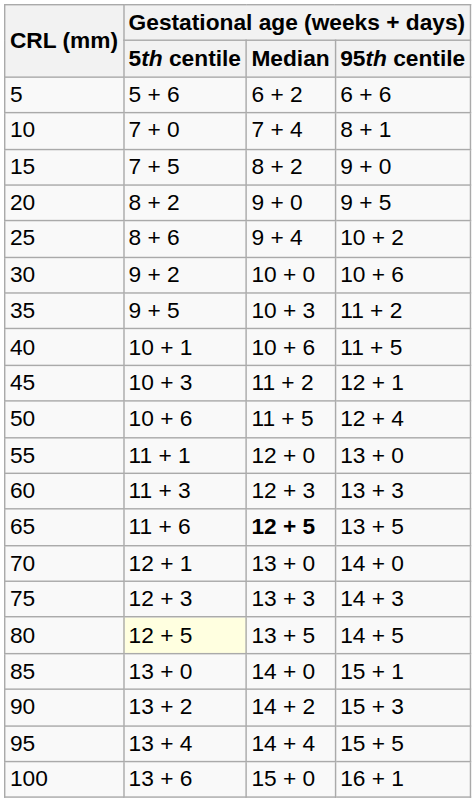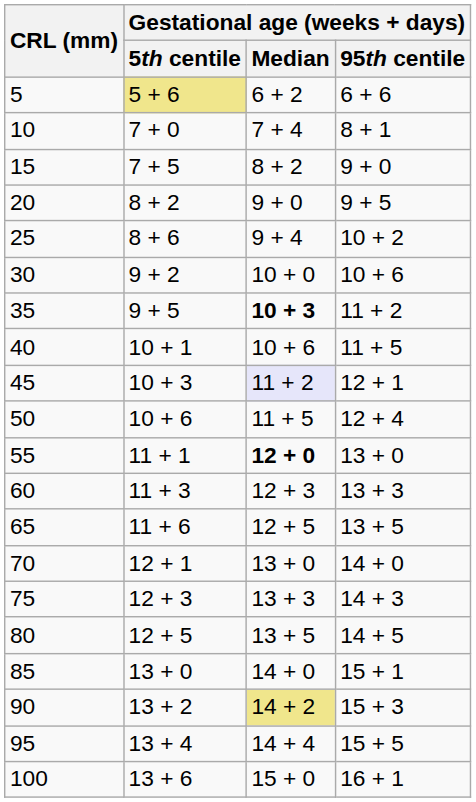 <table class="wikitable">
 <tr>
 <th rowspan="2">CRL (mm)</th>
 <th colspan="3">Gestational age (weeks + days)</th>
 </tr>
 <tr>
 <th>5<em>th</em> centile</th>
 <th>Median</th>
 <th>95<em>th</em> centile</th>
 </tr>
 <tr>
 <td>5</td>
-<td>5 + 6</td>
+<td style="background: khaki;">5 + 6</td>
 <td>6 + 2</td>
 <td>6 + 6</td>
 </tr>
 <tr>
 <td>10</td>
 <td>7 + 0</td>
 <td>7 + 4</td>
 <td>8 + 1</td>
 </tr>
 <tr>
 <td>15</td>
 <td>7 + 5</td>
 <td>8 + 2</td>
 <td>9 + 0</td>
 </tr>
 <tr>
 <td>20</td>
 <td>8 + 2</td>
 <td>9 + 0</td>
 <td>9 + 5</td>
 </tr>
 <tr>
 <td>25</td>
 <td>8 + 6</td>
 <td>9 + 4</td>
 <td>10 + 2</td>
 </tr>
 <tr>
 <td>30</td>
 <td>9 + 2</td>
 <td>10 + 0</td>
 <td>10 + 6</td>
 </tr>
 <tr>
 <td>35</td>
 <td>9 + 5</td>
-<td>10 + 3</td>
+<td><strong>10 + 3</strong></td>
 <td>11 + 2</td>
 </tr>
 <tr>
 <td>40</td>
 <td>10 + 1</td>
 <td>10 + 6</td>
 <td>11 + 5</td>
 </tr>
 <tr>
 <td>45</td>
 <td>10 + 3</td>
-<td>11 + 2</td>
+<td style="background: lavender;">11 + 2</td>
 <td>12 + 1</td>
 </tr>
 <tr>
 <td>50</td>
 <td>10 + 6</td>
 <td>11 + 5</td>
 <td>12 + 4</td>
 </tr>
 <tr>
 <td>55</td>
 <td>11 + 1</td>
-<td>12 + 0</td>
+<td><strong>12 + 0</strong></td>
 <td>13 + 0</td>
 </tr>
 <tr>
 <td>60</td>
 <td>11 + 3</td>
 <td>12 + 3</td>
 <td>13 + 3</td>
 </tr>
 <tr>
 <td>65</td>
 <td>11 + 6</td>
-<td><strong>12 + 5</strong></td>
+<td>12 + 5</td>
 <td>13 + 5</td>
 </tr>
 <tr>
 <td>70</td>
 <td>12 + 1</td>
 <td>13 + 0</td>
 <td>14 + 0</td>
 </tr>
 <tr>
 <td>75</td>
 <td>12 + 3</td>
 <td>13 + 3</td>
 <td>14 + 3</td>
 </tr>
 <tr>
 <td>80</td>
-<td style="background: lightyellow;">12 + 5</td>
+<td>12 + 5</td>
 <td>13 + 5</td>
 <td>14 + 5</td>
 </tr>
 <tr>
 <td>85</td>
 <td>13 + 0</td>
 <td>14 + 0</td>
 <td>15 + 1</td>
 </tr>
 <tr>
 <td>90</td>
 <td>13 + 2</td>
-<td>14 + 2</td>
+<td style="background: khaki;">14 + 2</td>
 <td>15 + 3</td>
 </tr>
 <tr>
 <td>95</td>
 <td>13 + 4</td>
 <td>14 + 4</td>
 <td>15 + 5</td>
 </tr>
 <tr>
 <td>100</td>
 <td>13 + 6</td>
 <td>15 + 0</td>
 <td>16 + 1</td>
 </tr>
 </table>
